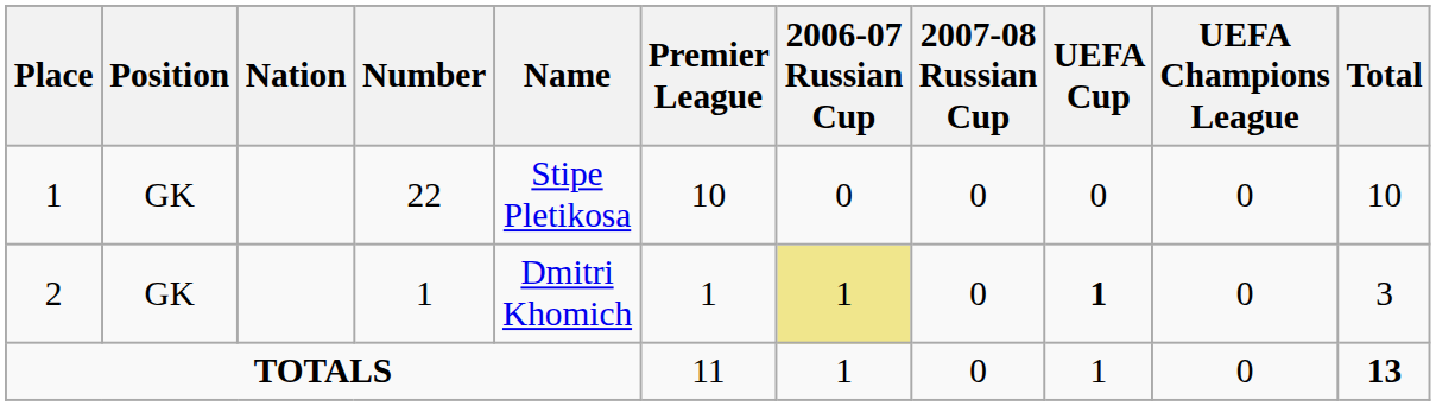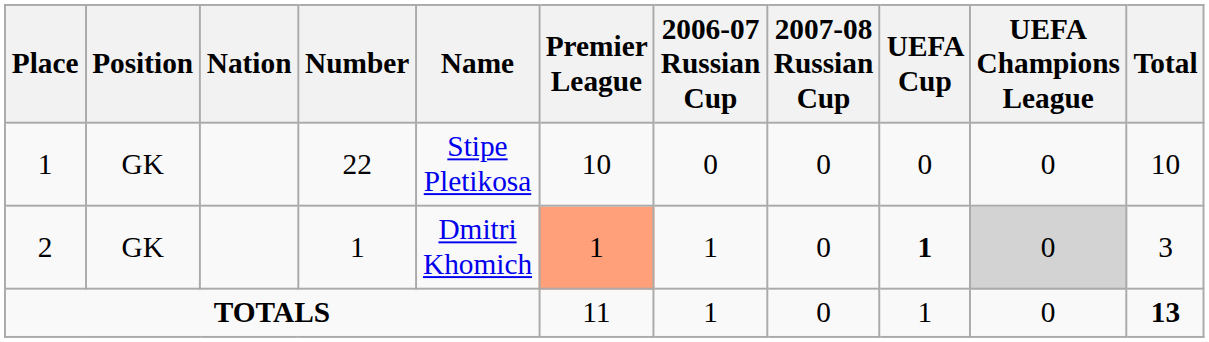 <table class="wikitable" style="font-size: 95%; text-align: center;">
 <tr>
 <th width=60>Place</th>
 <th width=60>Position</th>
 <th width=60>Nation</th>
 <th width=60>Number</th>
 <th width=150>Name</th>
 <th width=150>Premier League</th>
 <th width=150>2006-07 Russian Cup</th>
 <th width=150>2007-08 Russian Cup</th>
 <th width=150>UEFA Cup</th>
 <th width=150>UEFA Champions League</th>
 <th width=80>Total</th>
 </tr>
 <tr>
 <td>1</td>
 <td>GK</td>
 <td></td>
 <td>22</td>
 <td><a href='#'>Stipe Pletikosa</a></td>
 <td>10</td>
 <td>0</td>
 <td>0</td>
 <td>0</td>
 <td>0</td>
 <td>10</td>
 </tr>
 <tr>
 <td>2</td>
 <td>GK</td>
 <td></td>
 <td>1</td>
 <td><a href='#'>Dmitri Khomich</a></td>
+<td style="background: lightsalmon;">1</td>
 <td>1</td>
-<td style="background: khaki;">1</td>
 <td>0</td>
 <td><strong>1</strong></td>
-<td>0</td>
+<td style="background: lightgrey;">0</td>
 <td>3</td>
 </tr>
 <tr>
 <td colspan="5"><strong>TOTALS</strong></td>
 <td>11</td>
 <td>1</td>
 <td>0</td>
 <td>1</td>
 <td>0</td>
 <td><strong>13</strong></td>
 </tr>
 </table>
